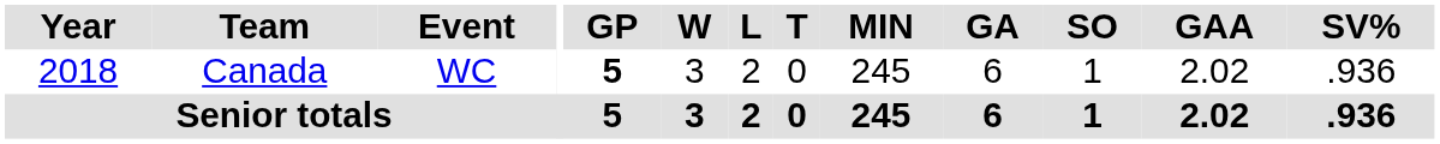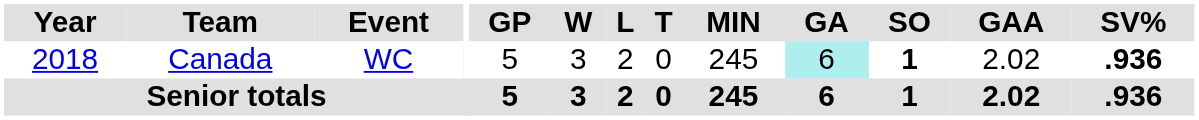 <table border="0" cellpadding="1" cellspacing="0" ID="Table3" style="text-align:center; width:40em">
 <tr ALIGN="center" bgcolor="#e0e0e0">
 <th>Year</th>
 <th>Team</th>
 <th>Event</th>
 <th rowspan="99" bgcolor="#ffffff"></th>
 <th>GP</th>
 <th>W</th>
 <th>L</th>
 <th>T</th>
 <th>MIN</th>
 <th>GA</th>
 <th>SO</th>
 <th>GAA</th>
 <th>SV%</th>
 </tr>
 <tr>
 <td><a href='#'>2018</a></td>
 <td><a href='#'>Canada</a></td>
 <td><a href='#'>WC</a></td>
-<td><strong>5</strong></td>
+<td>5</td>
 <td>3</td>
 <td>2</td>
 <td>0</td>
 <td>245</td>
-<td>6</td>
-<td>1</td>
+<td style="background: paleturquoise;">6</td>
+<td><strong>1</strong></td>
 <td>2.02</td>
-<td>.936</td>
+<td><strong>.936</strong></td>
 </tr>
 <tr bgcolor="#e0e0e0">
 <th colspan=4>Senior totals</th>
 <th>5</th>
 <th>3</th>
 <th>2</th>
 <th>0</th>
 <th>245</th>
 <th>6</th>
 <th>1</th>
 <th>2.02</th>
 <th>.936</th>
 </tr>
 </table>
